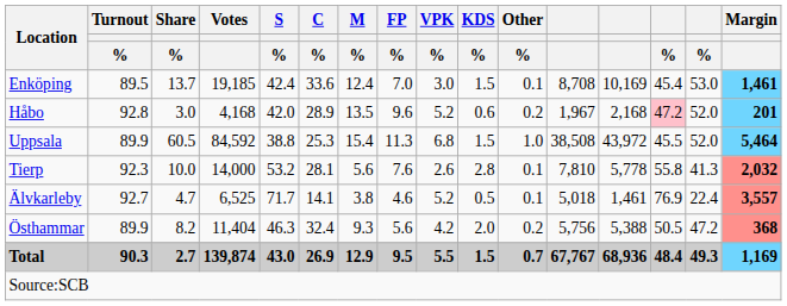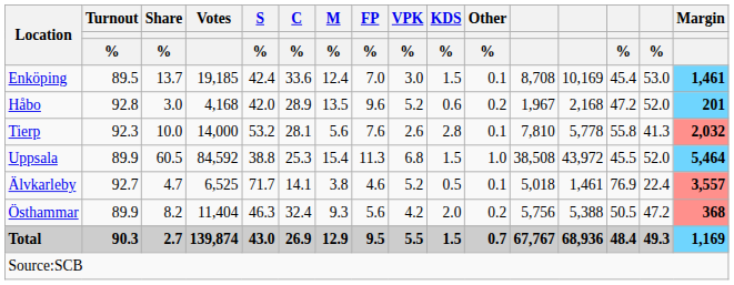 <table class="wikitable sortable" style="text-align:right; font-size:95%; line-height:20px;">
 <tr>
 <th rowspan="3">Location</th>
 <th>Turnout</th>
 <th>Share</th>
 <th>Votes</th>
 <th width="30px" class="unsortable"><a href='#'>S</a></th>
 <th width="30px" class="unsortable"><a href='#'>C</a></th>
 <th width="30px" class="unsortable"><a href='#'>M</a></th>
 <th width="30px" class="unsortable"><a href='#'>FP</a></th>
 <th width="30px" class="unsortable"><a href='#'>VPK</a></th>
 <th width="30px" class="unsortable"><a href='#'>KDS</a></th>
 <th width="30px" class="unsortable">Other</th>
 <th></th>
 <th></th>
 <th></th>
 <th></th>
 <th>Margin</th>
 </tr>
 <tr>
 <th></th>
 <th></th>
 <th></th>
 <th style="background:"></th>
 <th style="background:"></th>
 <th style="background:"></th>
 <th style="background:"></th>
 <th style="background:"></th>
 <th style="background:"></th>
 <th style="background:"></th>
 <th style="background:"></th>
 <th style="background:"></th>
 <th style="background:"></th>
 <th style="background:"></th>
 <th></th>
 </tr>
 <tr>
 <th data-sort-type="number">%</th>
 <th data-sort-type="number">%</th>
 <th></th>
 <th data-sort-type="number">%</th>
 <th data-sort-type="number">%</th>
 <th data-sort-type="number">%</th>
 <th data-sort-type="number">%</th>
 <th data-sort-type="number">%</th>
 <th data-sort-type="number">%</th>
 <th data-sort-type="number">%</th>
 <th data-sort-type="number"></th>
 <th data-sort-type="number"></th>
 <th data-sort-type="number">%</th>
 <th data-sort-type="number">%</th>
 <th data-sort-type="number"></th>
 </tr>
 <tr>
 <td align=left><a href='#'>Enköping</a></td>
 <td>89.5</td>
 <td>13.7</td>
 <td>19,185</td>
 <td>42.4</td>
 <td>33.6</td>
 <td>12.4</td>
 <td>7.0</td>
 <td>3.0</td>
 <td>1.5</td>
 <td>0.1</td>
 <td>8,708</td>
 <td>10,169</td>
 <td>45.4</td>
 <td>53.0</td>
 <td bgcolor=#6fd5fe><strong>1,461</strong></td>
 </tr>
 <tr>
 <td align=left><a href='#'>Håbo</a></td>
 <td>92.8</td>
 <td>3.0</td>
 <td>4,168</td>
 <td>42.0</td>
 <td>28.9</td>
 <td>13.5</td>
 <td>9.6</td>
 <td>5.2</td>
 <td>0.6</td>
 <td>0.2</td>
 <td>1,967</td>
 <td>2,168</td>
-<td style="background: pink;">47.2</td>
+<td>47.2</td>
 <td>52.0</td>
 <td bgcolor=#6fd5fe><strong>201</strong></td>
+</tr>
+<tr>
+<td align=left><a href='#'>Tierp</a></td>
+<td>92.3</td>
+<td>10.0</td>
+<td>14,000</td>
+<td>53.2</td>
+<td>28.1</td>
+<td>5.6</td>
+<td>7.6</td>
+<td>2.6</td>
+<td>2.8</td>
+<td>0.1</td>
+<td>7,810</td>
+<td>5,778</td>
+<td>55.8</td>
+<td>41.3</td>
+<td bgcolor=#ff908c><strong>2,032</strong></td>
 </tr>
 <tr>
 <td align=left><a href='#'>Uppsala</a></td>
 <td>89.9</td>
 <td>60.5</td>
 <td>84,592</td>
 <td>38.8</td>
 <td>25.3</td>
 <td>15.4</td>
 <td>11.3</td>
 <td>6.8</td>
 <td>1.5</td>
 <td>1.0</td>
 <td>38,508</td>
 <td>43,972</td>
 <td>45.5</td>
 <td>52.0</td>
 <td bgcolor=#6fd5fe><strong>5,464</strong></td>
-</tr>
-<tr>
-<td align=left><a href='#'>Tierp</a></td>
-<td>92.3</td>
-<td>10.0</td>
-<td>14,000</td>
-<td>53.2</td>
-<td>28.1</td>
-<td>5.6</td>
-<td>7.6</td>
-<td>2.6</td>
-<td>2.8</td>
-<td>0.1</td>
-<td>7,810</td>
-<td>5,778</td>
-<td>55.8</td>
-<td>41.3</td>
-<td bgcolor=#ff908c><strong>2,032</strong></td>
 </tr>
 <tr>
 <td align=left><a href='#'>Älvkarleby</a></td>
 <td>92.7</td>
 <td>4.7</td>
 <td>6,525</td>
 <td>71.7</td>
 <td>14.1</td>
 <td>3.8</td>
 <td>4.6</td>
 <td>5.2</td>
 <td>0.5</td>
 <td>0.1</td>
 <td>5,018</td>
 <td>1,461</td>
 <td>76.9</td>
 <td>22.4</td>
 <td bgcolor=#ff908c><strong>3,557</strong></td>
 </tr>
 <tr>
 <td align=left><a href='#'>Östhammar</a></td>
 <td>89.9</td>
 <td>8.2</td>
 <td>11,404</td>
 <td>46.3</td>
 <td>32.4</td>
 <td>9.3</td>
 <td>5.6</td>
 <td>4.2</td>
 <td>2.0</td>
 <td>0.2</td>
 <td>5,756</td>
 <td>5,388</td>
 <td>50.5</td>
 <td>47.2</td>
 <td bgcolor=#ff908c><strong>368</strong></td>
 </tr>
 <tr style="background:#CDCDCD;">
 <td align=left><strong>Total</strong></td>
 <td><strong>90.3</strong></td>
 <td><strong>2.7</strong></td>
 <td><strong>139,874</strong></td>
 <td><strong>43.0</strong></td>
 <td><strong>26.9</strong></td>
 <td><strong>12.9</strong></td>
 <td><strong>9.5</strong></td>
 <td><strong>5.5</strong></td>
 <td><strong>1.5</strong></td>
 <td><strong>0.7</strong></td>
 <td><strong>67,767</strong></td>
 <td><strong>68,936</strong></td>
 <td><strong>48.4</strong></td>
 <td><strong>49.3</strong></td>
 <td bgcolor=#6fd5fe><strong>1,169</strong></td>
 </tr>
 <tr>
 <td align=left colspan=16>Source:SCB </td>
 </tr>
 </table>
